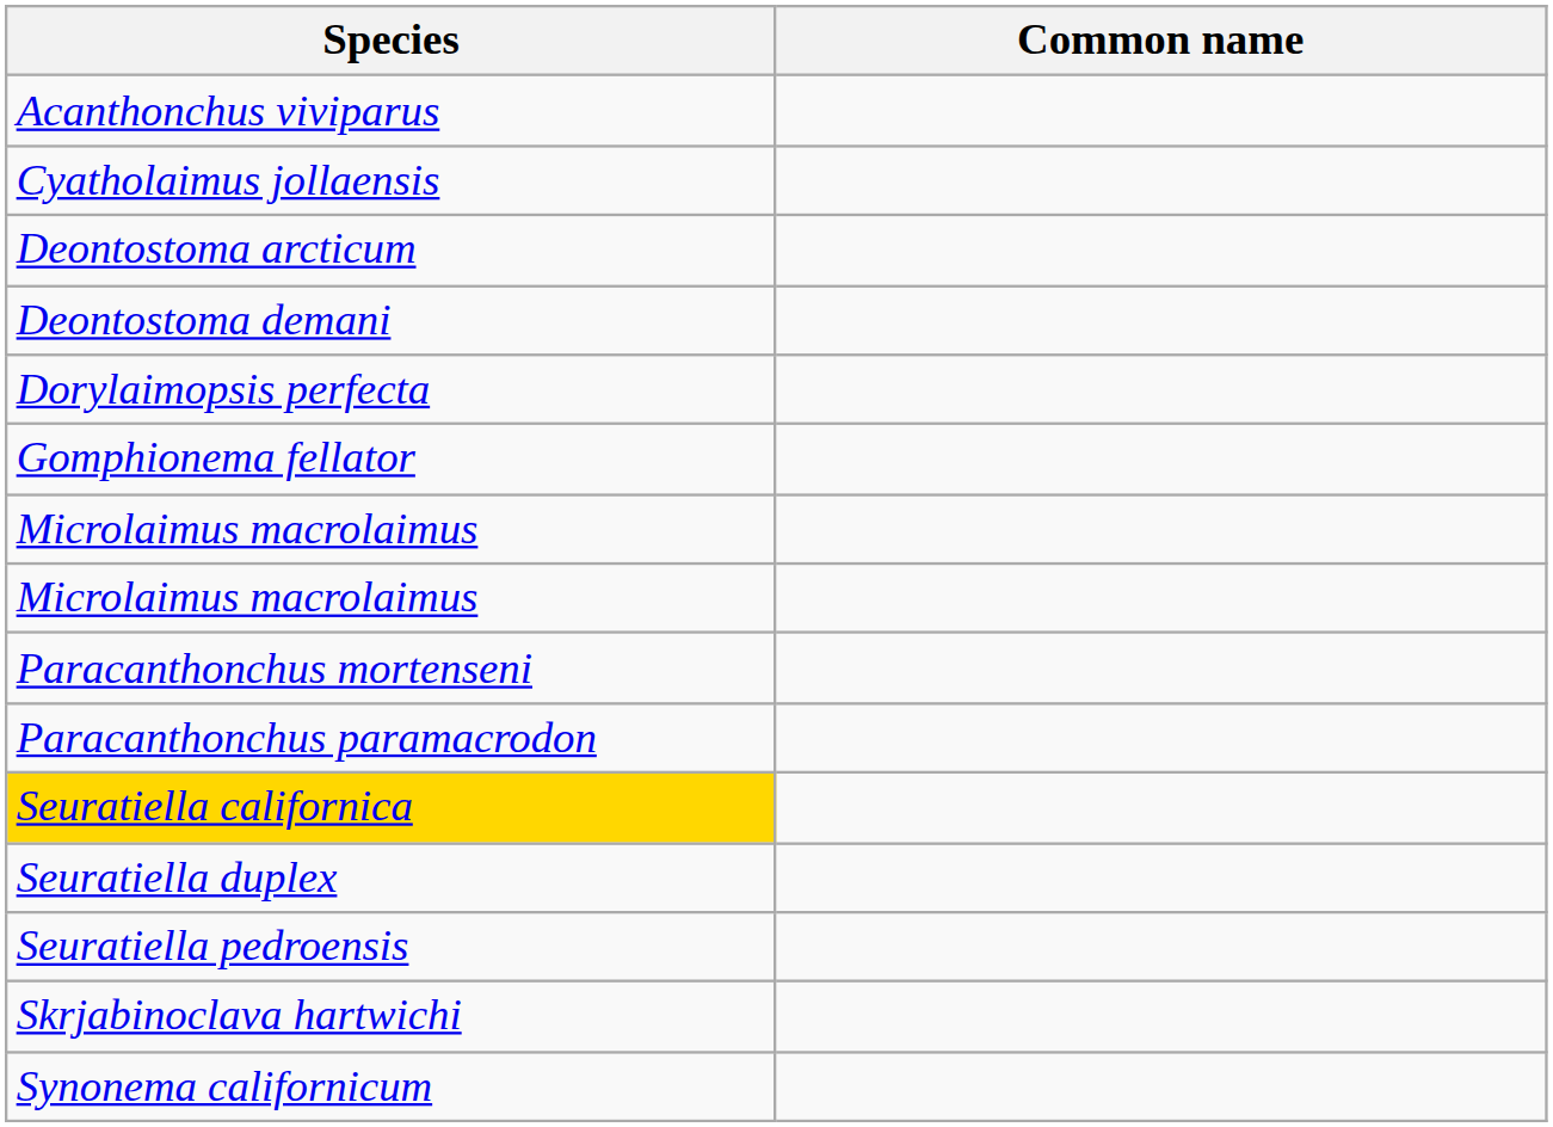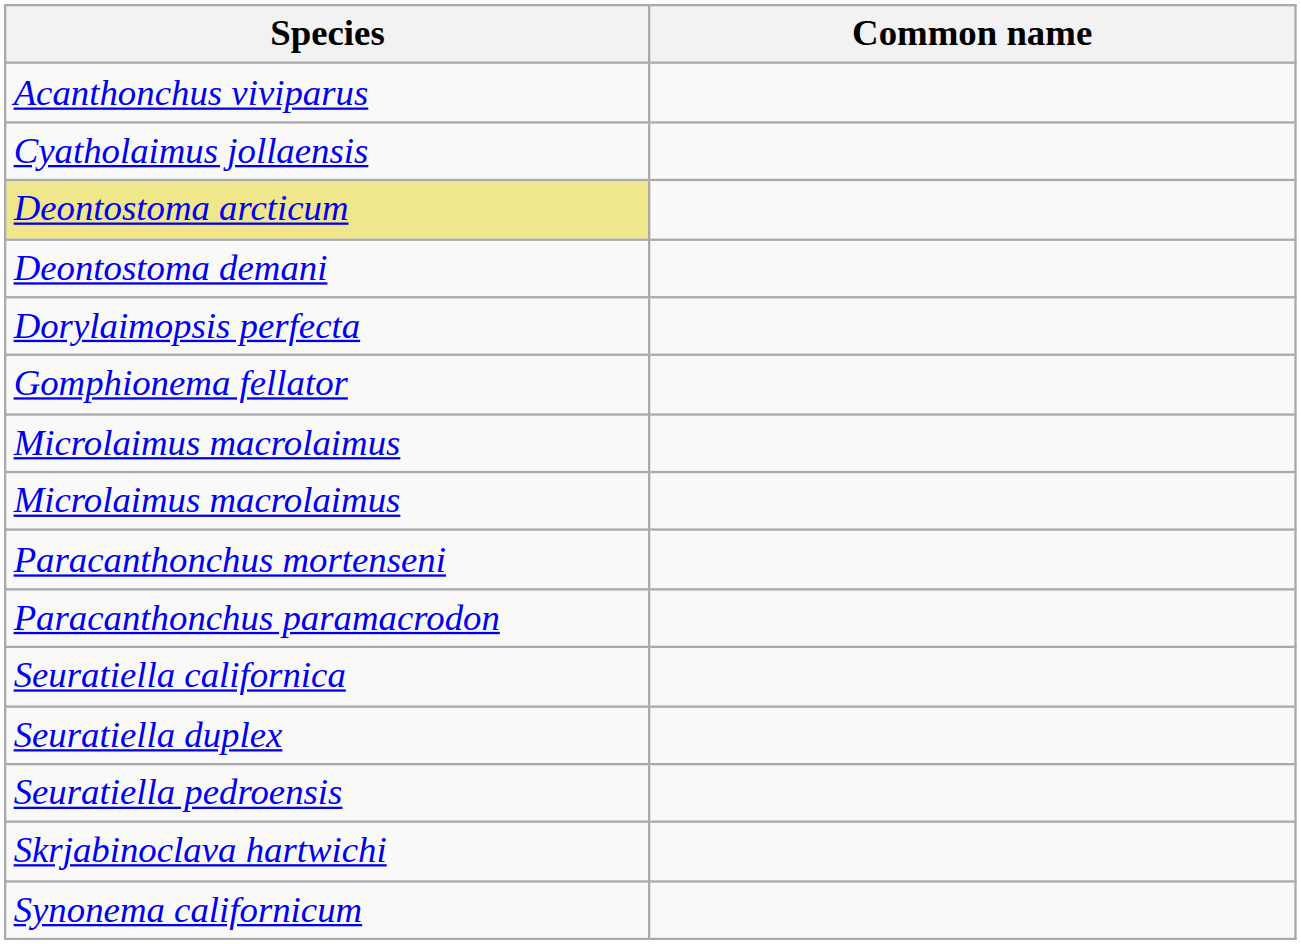 <table width=90% class="wikitable">
 <tr>
 <th width=25%>Species</th>
 <th width=25%>Common name</th>
 </tr>
 <tr>
 <td><em><a href='#'>Acanthonchus viviparus</a></em></td>
 <td></td>
 </tr>
 <tr>
 <td><em><a href='#'>Cyatholaimus jollaensis</a></em></td>
 <td></td>
 </tr>
 <tr>
-<td><em><a href='#'>Deontostoma arcticum</a></em></td>
+<td style="background: khaki;"><em><a href='#'>Deontostoma arcticum</a></em></td>
 <td></td>
 </tr>
 <tr>
 <td><em><a href='#'>Deontostoma demani</a></em></td>
 <td></td>
 </tr>
 <tr>
 <td><em><a href='#'>Dorylaimopsis perfecta</a></em></td>
 <td></td>
 </tr>
 <tr>
 <td><em><a href='#'>Gomphionema fellator</a></em></td>
 <td></td>
 </tr>
 <tr>
 <td><em><a href='#'>Microlaimus macrolaimus</a></em></td>
 <td></td>
 </tr>
 <tr>
 <td><em><a href='#'>Microlaimus macrolaimus</a></em></td>
 <td></td>
 </tr>
 <tr>
 <td><em><a href='#'>Paracanthonchus mortenseni</a></em></td>
 <td></td>
 </tr>
 <tr>
 <td><em><a href='#'>Paracanthonchus paramacrodon</a></em></td>
 <td></td>
 </tr>
 <tr>
-<td style="background: gold;"><em><a href='#'>Seuratiella californica</a></em></td>
+<td><em><a href='#'>Seuratiella californica</a></em></td>
 <td></td>
 </tr>
 <tr>
 <td><em><a href='#'>Seuratiella duplex</a></em></td>
 <td></td>
 </tr>
 <tr>
 <td><em><a href='#'>Seuratiella pedroensis</a></em></td>
 <td></td>
 </tr>
 <tr>
 <td><em><a href='#'>Skrjabinoclava hartwichi</a></em></td>
 <td></td>
 </tr>
 <tr>
 <td><em><a href='#'>Synonema californicum</a></em></td>
 <td></td>
 </tr>
 </table>
